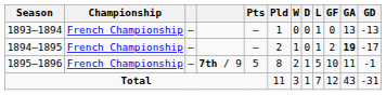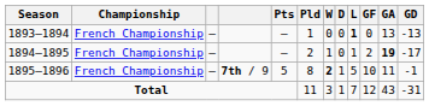 <table class="wikitable" style="text-align:center; font-size:90%">
 <tr>
 <th>Season</th>
 <th>Championship</th>
 <th></th>
 <th></th>
 <th>Pts</th>
 <th>Pld</th>
 <th>W</th>
 <th>D</th>
 <th>L</th>
 <th>GF</th>
 <th>GA</th>
 <th>GD</th>
 </tr>
 <tr>
 <td>1893–1894</td>
 <td><a href='#'>French Championship</a></td>
 <td>–</td>
 <td></td>
 <td>–</td>
 <td>1</td>
 <td>0</td>
 <td>0</td>
-<td>1</td>
+<td><strong>1</strong></td>
 <td>0</td>
 <td>13</td>
 <td>-13</td>
 </tr>
 <tr>
 <td>1894–1895</td>
 <td><a href='#'>French Championship</a></td>
 <td>–</td>
 <td></td>
 <td>–</td>
 <td>2</td>
 <td>1</td>
 <td>0</td>
 <td>1</td>
 <td>2</td>
 <td><strong>19</strong></td>
 <td>-17</td>
 </tr>
 <tr>
 <td>1895–1896</td>
 <td><a href='#'>French Championship</a></td>
 <td>–</td>
 <td><strong>7th</strong> / 9</td>
 <td>5</td>
 <td>8</td>
-<td>2</td>
+<td><strong>2</strong></td>
 <td>1</td>
 <td>5</td>
 <td>10</td>
 <td>11</td>
 <td>-1</td>
 </tr>
 <tr>
 <td colspan="5"><strong>Total</strong></td>
 <td>11</td>
 <td>3</td>
 <td>1</td>
 <td>7</td>
 <td>12</td>
 <td>43</td>
 <td>-31</td>
 </tr>
 </table>
